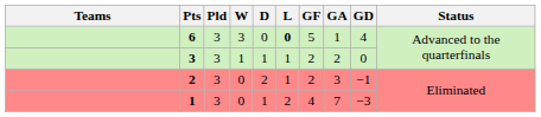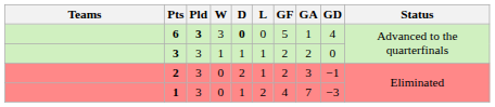 <table class=wikitable style="text-align:center">
 <tr>
 <th width=200>Teams</th>
 <th width=20>Pts</th>
 <th width=20>Pld</th>
 <th width=20>W</th>
 <th width=20>D</th>
 <th width=20>L</th>
 <th width=20>GF</th>
 <th width=20>GA</th>
 <th width=20>GD</th>
 <th width=181>Status</th>
 </tr>
 <tr bgcolor="#D0F0C0">
 <td style="text-align:left;"></td>
 <td><strong>6</strong></td>
+<td><strong>3</strong></td>
 <td>3</td>
-<td>3</td>
+<td><strong>0</strong></td>
 <td>0</td>
-<td><strong>0</strong></td>
 <td>5</td>
 <td>1</td>
 <td>4</td>
 <td rowspan=2>Advanced to the quarterfinals</td>
 </tr>
 <tr bgcolor="#D0F0C0">
 <td style="text-align:left;"></td>
 <td><strong>3</strong></td>
 <td>3</td>
 <td>1</td>
 <td>1</td>
 <td>1</td>
 <td>2</td>
 <td>2</td>
 <td>0</td>
 </tr>
 <tr bgcolor=#FF8888>
 <td style="text-align:left;"></td>
 <td><strong>2</strong></td>
 <td>3</td>
 <td>0</td>
 <td>2</td>
 <td>1</td>
 <td>2</td>
 <td>3</td>
 <td>−1</td>
 <td rowspan=2>Eliminated</td>
 </tr>
 <tr bgcolor=#FF8888>
 <td style="text-align:left;"></td>
 <td><strong>1</strong></td>
 <td>3</td>
 <td>0</td>
 <td>1</td>
 <td>2</td>
 <td>4</td>
 <td>7</td>
 <td>−3</td>
 </tr>
 </table>
